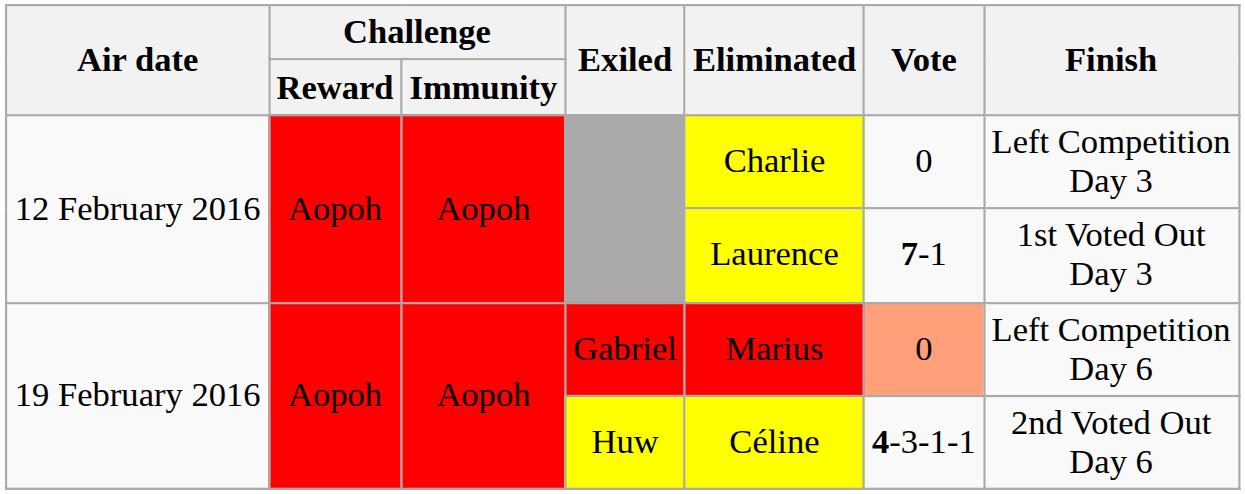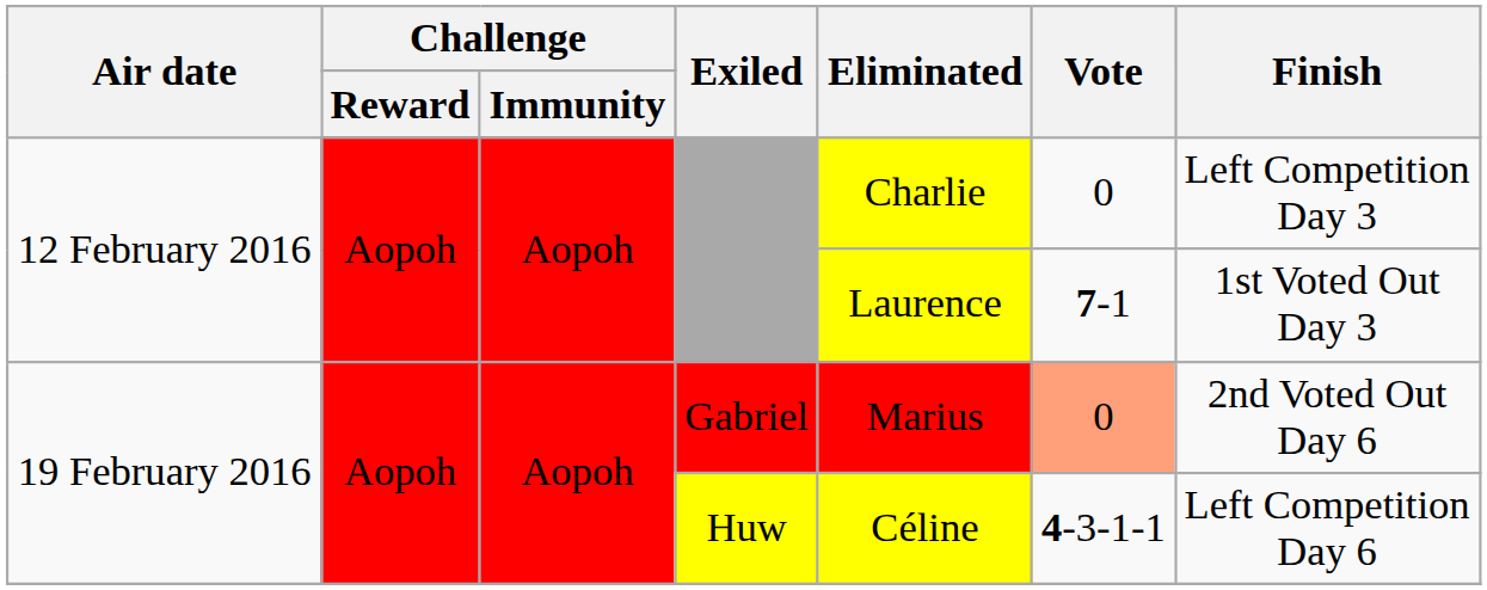 <table class="wikitable" style="margin:auto; text-align:center">
 <tr>
 <th rowspan="2">Air date</th>
 <th colspan="2">Challenge</th>
 <th rowspan="2">Exiled</th>
 <th rowspan="2">Eliminated</th>
 <th rowspan="2">Vote</th>
 <th rowspan="2">Finish</th>
 </tr>
 <tr>
 <th>Reward</th>
 <th>Immunity</th>
 </tr>
 <tr>
 <td rowspan="2">12 February 2016</td>
 <td rowspan="2" bgcolor="red">Aopoh</td>
 <td rowspan="2" bgcolor="red">Aopoh</td>
 <td rowspan="2" bgcolor="darkgrey"></td>
 <td bgcolor="yellow">Charlie</td>
 <td align="center">0</td>
 <td align="center">Left Competition<br>Day 3</td>
 </tr>
 <tr>
 <td bgcolor="yellow">Laurence</td>
 <td><strong>7</strong>-1</td>
 <td>1st Voted Out<br>Day 3</td>
 </tr>
 <tr>
 <td rowspan="2">19 February 2016</td>
 <td rowspan="2" bgcolor="red">Aopoh</td>
 <td rowspan="2" bgcolor="red">Aopoh</td>
 <td rowspan="1" bgcolor="red">Gabriel</td>
 <td bgcolor="red">Marius</td>
 <td align="center" style="background: lightsalmon;">0</td>
-<td align="center">Left Competition<br>Day 6</td>
+<td>2nd Voted Out<br>Day 6</td>
 </tr>
 <tr>
 <td rowspan="1" bgcolor="yellow">Huw</td>
 <td bgcolor="yellow">Céline</td>
 <td><strong>4</strong>-3-1-1</td>
-<td>2nd Voted Out<br>Day 6</td>
+<td align="center">Left Competition<br>Day 6</td>
 </tr>
 <tr>
 </tr>
 </table>
